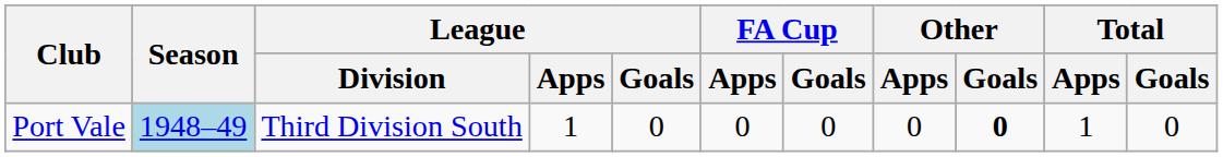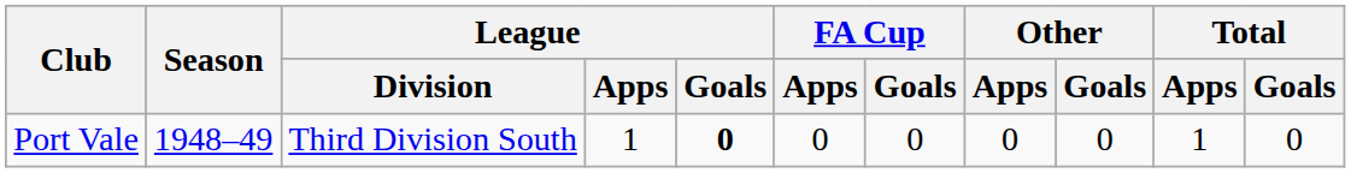 <table class="wikitable" style="text-align:center">
 <tr>
 <th rowspan="2">Club</th>
 <th rowspan="2">Season</th>
 <th colspan="3">League</th>
 <th colspan="2"><a href='#'>FA Cup</a></th>
 <th colspan="2">Other</th>
 <th colspan="2">Total</th>
 </tr>
 <tr>
 <th>Division</th>
 <th>Apps</th>
 <th>Goals</th>
 <th>Apps</th>
 <th>Goals</th>
 <th>Apps</th>
 <th>Goals</th>
 <th>Apps</th>
 <th>Goals</th>
 </tr>
 <tr>
 <td><a href='#'>Port Vale</a></td>
-<td style="background: lightblue;"><a href='#'>1948–49</a></td>
+<td><a href='#'>1948–49</a></td>
 <td><a href='#'>Third Division South</a></td>
 <td>1</td>
+<td><strong>0</strong></td>
 <td>0</td>
 <td>0</td>
 <td>0</td>
 <td>0</td>
-<td><strong>0</strong></td>
 <td>1</td>
 <td>0</td>
 </tr>
 </table>
